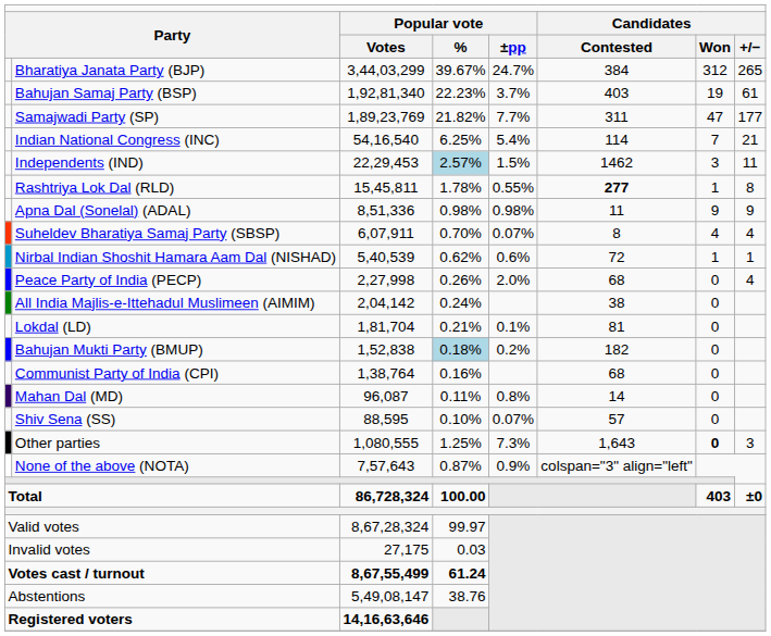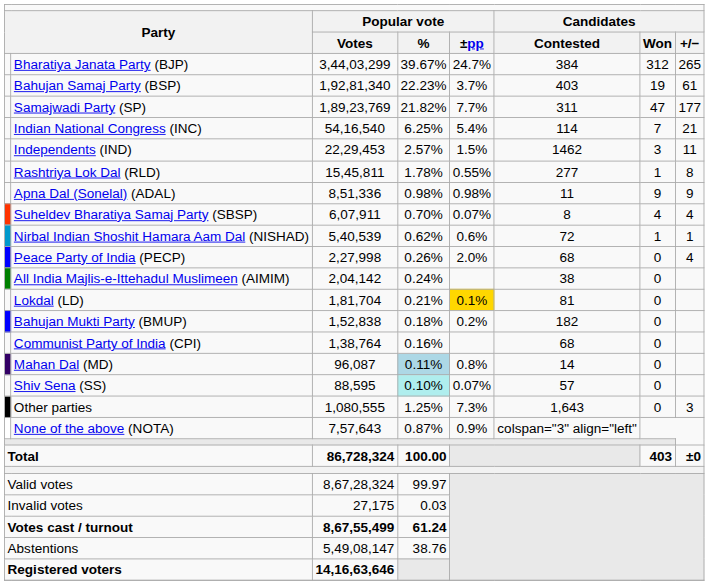 <table class="wikitable" style="text-align:right; font-size:95%;">
 <tr>
 <td colspan="8" align=center></td>
 </tr>
 <tr style="background:#e9e9e9; text-align:center;">
 <th colspan="2" rowspan="2">Party</th>
 <th colspan="3">Popular vote</th>
 <th colspan="3">Candidates</th>
 </tr>
 <tr>
 <th>Votes</th>
 <th><strong>%</strong></th>
 <th><strong>±</strong><a href='#'>pp</a></th>
 <th>Contested</th>
 <th>Won</th>
 <th><strong>+/−</strong></th>
 </tr>
 <tr>
 <td></td>
 <td style="text-align:left;"><a href='#'>Bharatiya Janata Party</a> (BJP)</td>
 <td style="text-align:center;">3,44,03,299</td>
 <td style="text-align:center;">39.67%</td>
 <td style="text-align:center;">24.7%</td>
 <td style="text-align:center;">384</td>
 <td style="text-align:center;">312</td>
 <td style="text-align:center;">265</td>
 </tr>
 <tr>
 <td></td>
 <td style="text-align:left;"><a href='#'>Bahujan Samaj Party</a> (BSP)</td>
 <td style="text-align:center;">1,92,81,340</td>
 <td style="text-align:center;">22.23%</td>
 <td style="text-align:center;">3.7%</td>
 <td style="text-align:center;">403</td>
 <td style="text-align:center;">19</td>
 <td style="text-align:center;">61</td>
 </tr>
 <tr>
 <td></td>
 <td style="text-align:left;"><a href='#'>Samajwadi Party</a> (SP)</td>
 <td style="text-align:center;">1,89,23,769</td>
 <td style="text-align:center;">21.82%</td>
 <td style="text-align:center;">7.7%</td>
 <td style="text-align:center;">311</td>
 <td style="text-align:center;">47</td>
 <td style="text-align:center;">177</td>
 </tr>
 <tr>
 <td></td>
 <td style="text-align:left;"><a href='#'>Indian National Congress</a> (INC)</td>
 <td style="text-align:center;">54,16,540</td>
 <td style="text-align:center;">6.25%</td>
 <td style="text-align:center;">5.4%</td>
 <td style="text-align:center;">114</td>
 <td style="text-align:center;">7</td>
 <td style="text-align:center;">21</td>
 </tr>
 <tr>
 <td></td>
 <td style="text-align:left;"><a href='#'>Independents</a> (IND)</td>
 <td style="text-align:center;">22,29,453</td>
-<td style="background: lightblue; text-align:center;">2.57%</td>
+<td style="text-align:center;">2.57%</td>
 <td style="text-align:center;">1.5%</td>
 <td style="text-align:center;">1462</td>
 <td style="text-align:center;">3</td>
 <td style="text-align:center;">11</td>
 </tr>
 <tr>
 <td></td>
 <td style="text-align:left;"><a href='#'>Rashtriya Lok Dal</a> (RLD)</td>
 <td style="text-align:center;">15,45,811</td>
 <td style="text-align:center;">1.78%</td>
 <td style="text-align:center;">0.55%</td>
-<td style="text-align:center;"><strong>277</strong></td>
+<td style="text-align:center;">277</td>
 <td style="text-align:center;">1</td>
 <td style="text-align:center;">8</td>
 </tr>
 <tr>
 <td></td>
 <td style="text-align:left;"><a href='#'>Apna Dal (Sonelal)</a> (ADAL)</td>
 <td style="text-align:center;">8,51,336</td>
 <td style="text-align:center;">0.98%</td>
 <td style="text-align:center;">0.98%</td>
 <td style="text-align:center;">11</td>
 <td style="text-align:center;">9</td>
 <td style="text-align:center;">9</td>
 </tr>
 <tr>
 <td style="background:#f30;"></td>
 <td style="text-align:left;"><a href='#'>Suheldev Bharatiya Samaj Party</a> (SBSP)</td>
 <td style="text-align:center;">6,07,911</td>
 <td style="text-align:center;">0.70%</td>
 <td style="text-align:center;">0.07%</td>
 <td style="text-align:center;">8</td>
 <td style="text-align:center;">4</td>
 <td style="text-align:center;">4</td>
 </tr>
 <tr>
 <td style="background:#09c;"></td>
 <td style="text-align:left;"><a href='#'>Nirbal Indian Shoshit Hamara Aam Dal</a> (NISHAD)</td>
 <td style="text-align:center;">5,40,539</td>
 <td style="text-align:center;">0.62%</td>
 <td style="text-align:center;">0.6%</td>
 <td style="text-align:center;">72</td>
 <td style="text-align:center;">1</td>
 <td style="text-align:center;">1</td>
 </tr>
 <tr>
 <td style="background:blue;"></td>
 <td style="text-align:left;"><a href='#'>Peace Party of India</a> (PECP)</td>
 <td style="text-align:center;">2,27,998</td>
 <td style="text-align:center;">0.26%</td>
 <td style="text-align:center;">2.0%</td>
 <td style="text-align:center;">68</td>
 <td style="text-align:center;">0</td>
 <td style="text-align:center;">4</td>
 </tr>
 <tr>
 <td style="background:green;"></td>
 <td style="text-align:left;"><a href='#'>All India Majlis-e-Ittehadul Muslimeen</a> (AIMIM)</td>
 <td style="text-align:center;">2,04,142</td>
 <td style="text-align:center;">0.24%</td>
 <td style="text-align:center;"></td>
 <td style="text-align:center;">38</td>
 <td style="text-align:center;">0</td>
 <td style="text-align:center;"></td>
 </tr>
 <tr>
 <td></td>
 <td style="text-align:left;"><a href='#'>Lokdal</a> (LD)</td>
 <td style="text-align:center;">1,81,704</td>
 <td style="text-align:center;">0.21%</td>
-<td style="text-align:center;">0.1%</td>
+<td style="background: gold; text-align:center;">0.1%</td>
 <td style="text-align:center;">81</td>
 <td style="text-align:center;">0</td>
 <td style="text-align:center;"></td>
 </tr>
 <tr>
 <td style="background:blue;"></td>
 <td style="text-align:left;"><a href='#'>Bahujan Mukti Party</a> (BMUP)</td>
 <td style="text-align:center;">1,52,838</td>
-<td style="background: lightblue; text-align:center;">0.18%</td>
+<td style="text-align:center;">0.18%</td>
 <td style="text-align:center;">0.2%</td>
 <td style="text-align:center;">182</td>
 <td style="text-align:center;">0</td>
 <td style="text-align:center;"></td>
 </tr>
 <tr>
 <td></td>
 <td style="text-align:left;"><a href='#'>Communist Party of India</a> (CPI)</td>
 <td style="text-align:center;">1,38,764</td>
 <td style="text-align:center;">0.16%</td>
 <td style="text-align:center;"></td>
 <td style="text-align:center;">68</td>
 <td style="text-align:center;">0</td>
 <td style="text-align:center;"></td>
 </tr>
 <tr>
 <td style="background:#306;"></td>
 <td style="text-align:left;"><a href='#'>Mahan Dal</a> (MD)</td>
 <td style="text-align:center;">96,087</td>
-<td style="text-align:center;">0.11%</td>
+<td style="background: lightblue; text-align:center;">0.11%</td>
 <td style="text-align:center;">0.8%</td>
 <td style="text-align:center;">14</td>
 <td style="text-align:center;">0</td>
 <td style="text-align:center;"></td>
 </tr>
 <tr>
 <td></td>
 <td style="text-align:left;"><a href='#'>Shiv Sena</a> (SS)</td>
 <td style="text-align:center;">88,595</td>
-<td style="text-align:center;">0.10%</td>
+<td style="background: paleturquoise; text-align:center;">0.10%</td>
 <td style="text-align:center;">0.07%</td>
 <td style="text-align:center;">57</td>
 <td style="text-align:center;">0</td>
 <td style="text-align:center;"></td>
 </tr>
 <tr>
 <td style="background:black;"></td>
 <td style="text-align:left;">Other parties</td>
 <td style="text-align:center;">1,080,555</td>
 <td style="text-align:center;">1.25%</td>
 <td style="text-align:center;">7.3%</td>
 <td style="text-align:center;">1,643</td>
-<td style="text-align:center;"><strong>0</strong></td>
+<td style="text-align:center;">0</td>
 <td style="text-align:center;">3</td>
 </tr>
 <tr>
 <td style="background:white;"></td>
 <td style="text-align:left;"><a href='#'>None of the above</a> (NOTA)</td>
 <td style="text-align:center;">7,57,643</td>
 <td style="text-align:center;">0.87%</td>
 <td style="text-align:center;"> 0.9%</td>
 <td>colspan="3" align="left" </td>
 </tr>
 <tr>
 <td colspan="7" style="background:#e9e9e9;"></td>
 </tr>
 <tr style="font-weight:bold;">
 <td colspan="2" style="text-align:left;">Total</td>
 <td>86,728,324</td>
 <td>100.00</td>
 <td colspan="2" style="background:#e9e9e9;"></td>
 <td>403</td>
 <td>±0</td>
 </tr>
 <tr>
 <th colspan="9"></th>
 </tr>
 <tr>
 <td style="text-align:left;" colspan="2">Valid votes</td>
 <td align="right">8,67,28,324</td>
 <td align="right">99.97</td>
 <td colspan="4" rowspan="5" style="background-color:#E9E9E9"></td>
 </tr>
 <tr>
 <td style="text-align:left;" colspan="2">Invalid votes</td>
 <td align="right">27,175</td>
 <td align="right">0.03</td>
 </tr>
 <tr>
 <td style="text-align:left;" colspan="2"><strong>Votes cast / turnout</strong></td>
 <td align="right"><strong>8,67,55,499</strong></td>
 <td align="right"><strong>61.24</strong></td>
 </tr>
 <tr>
 <td style="text-align:left;" colspan="2">Abstentions</td>
 <td align="right">5,49,08,147</td>
 <td align="right">38.76</td>
 </tr>
 <tr>
 <td style="text-align:left;" colspan="2"><strong>Registered voters</strong></td>
 <td align="right"><strong>14,16,63,646</strong></td>
 <td colspan="1" style="background-color:#E9E9E9"></td>
 </tr>
 <tr>
 </tr>
 </table>
